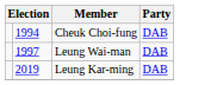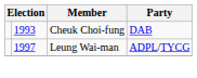 <table class="wikitable">
 <tr>
 <th colspan="2">Election</th>
 <th>Member</th>
 <th>Party</th>
 </tr>
 <tr>
 <td style="color:inherit;background:"></td>
-<td><a href='#'>1994</a></td>
+<td><a href='#'>1993</a></td>
 <td>Cheuk Choi-fung</td>
 <td><a href='#'>DAB</a></td>
 </tr>
 <tr>
 <td style="color:inherit;background:"></td>
 <td><a href='#'>1997</a></td>
 <td>Leung Wai-man</td>
-<td><a href='#'>DAB</a></td>
-</tr>
-<tr>
-<td style="color:inherit;background:"></td>
-<td><a href='#'>2019</a></td>
-<td>Leung Kar-ming</td>
-<td><a href='#'>DAB</a></td>
+<td><a href='#'>ADPL</a>/<a href='#'>TYCG</a></td>
 </tr>
 <tr>
 </tr>
 </table>
